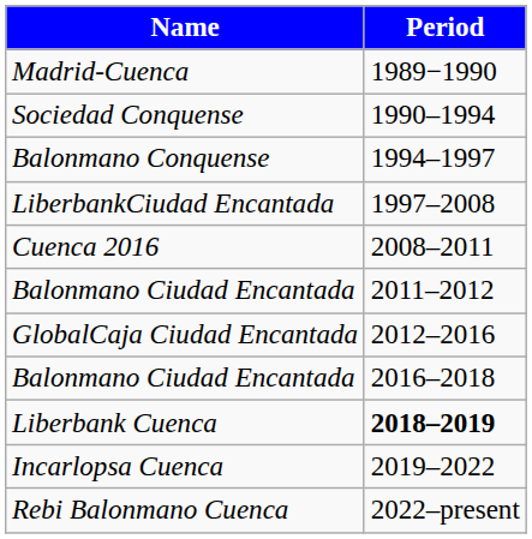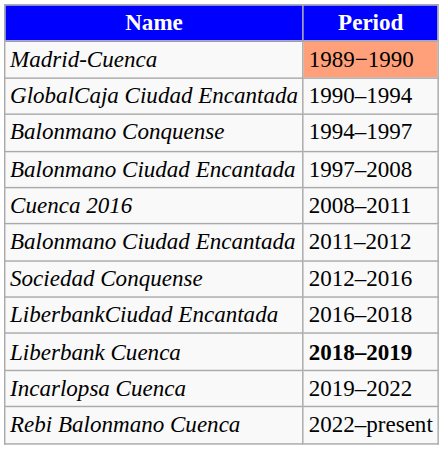 <table class="wikitable" style="text-align: left">
 <tr>
 <th style="color:#FFFFFF; background:#0000FF">Name</th>
 <th style="color:#FFFFFF; background:#0000FF">Period</th>
 </tr>
 <tr>
 <td align=left><em>Madrid-Cuenca</em></td>
-<td>1989−1990</td>
+<td style="background: lightsalmon;">1989−1990</td>
 </tr>
 <tr>
-<td align=left><em>Sociedad Conquense</em></td>
+<td align=left><em>GlobalCaja Ciudad Encantada</em></td>
 <td>1990–1994</td>
 </tr>
 <tr>
 <td align=left><em>Balonmano Conquense</em></td>
 <td>1994–1997</td>
 </tr>
 <tr>
-<td align=left><em>LiberbankCiudad Encantada</em></td>
+<td align=left><em>Balonmano Ciudad Encantada</em></td>
 <td>1997–2008</td>
 </tr>
 <tr>
 <td align=left><em>Cuenca 2016</em></td>
 <td>2008–2011</td>
 </tr>
 <tr>
 <td align=left><em>Balonmano Ciudad Encantada</em></td>
 <td>2011–2012</td>
 </tr>
 <tr>
-<td align=left><em>GlobalCaja Ciudad Encantada</em></td>
+<td align=left><em>Sociedad Conquense</em></td>
 <td>2012–2016</td>
 </tr>
 <tr>
-<td align=left><em>Balonmano Ciudad Encantada</em></td>
+<td align=left><em>LiberbankCiudad Encantada</em></td>
 <td>2016–2018</td>
 </tr>
 <tr>
 <td align=left><em>Liberbank Cuenca</em></td>
 <td><strong>2018–2019</strong></td>
 </tr>
 <tr>
 <td align=left><em>Incarlopsa Cuenca</em></td>
 <td>2019–2022</td>
 </tr>
 <tr>
 <td align=left><em>Rebi Balonmano Cuenca</em></td>
 <td>2022–present</td>
 </tr>
 </table>
